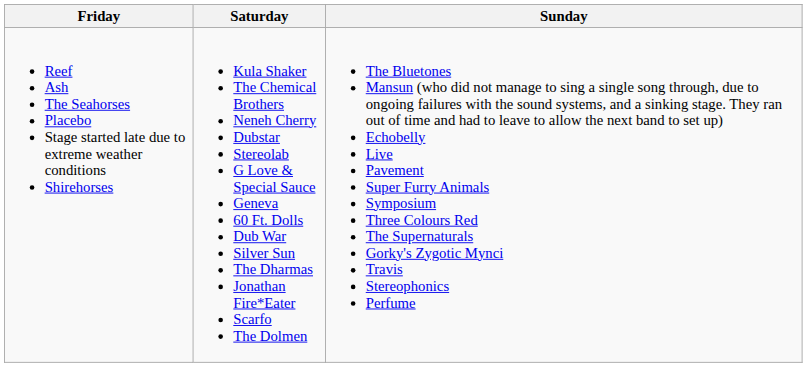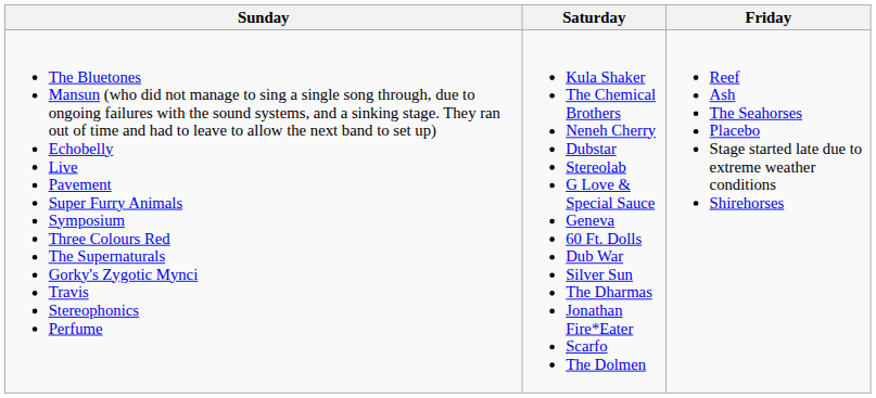 <table class="wikitable">
 <tr>
+<th>Sunday</th>
+<th>Saturday</th>
 <th>Friday</th>
-<th>Saturday</th>
-<th>Sunday</th>
 </tr>
 <tr valign="top">
+<td><br><ul><li><a href='#'>The Bluetones</a></li><li><a href='#'>Mansun</a> (who did not manage to sing a single song through, due to ongoing failures with the sound systems, and a sinking stage. They ran out of time and had to leave to allow the next band to set up)</li><li><a href='#'>Echobelly</a></li><li><a href='#'>Live</a></li><li><a href='#'>Pavement</a></li><li><a href='#'>Super Furry Animals</a></li><li><a href='#'>Symposium</a></li><li><a href='#'>Three Colours Red</a></li><li><a href='#'>The Supernaturals</a></li><li><a href='#'>Gorky's Zygotic Mynci</a></li><li><a href='#'>Travis</a></li><li><a href='#'>Stereophonics</a></li><li><a href='#'>Perfume</a></li></ul></td>
+<td><br><ul><li><a href='#'>Kula Shaker</a></li><li><a href='#'>The Chemical Brothers</a></li><li><a href='#'>Neneh Cherry</a></li><li><a href='#'>Dubstar</a></li><li><a href='#'>Stereolab</a></li><li><a href='#'>G Love & Special Sauce</a></li><li><a href='#'>Geneva</a></li><li><a href='#'>60 Ft. Dolls</a></li><li><a href='#'>Dub War</a></li><li><a href='#'>Silver Sun</a></li><li><a href='#'>The Dharmas</a></li><li><a href='#'>Jonathan Fire*Eater</a></li><li><a href='#'>Scarfo</a></li><li><a href='#'>The Dolmen</a></li></ul></td>
 <td><br><ul><li><a href='#'>Reef</a></li><li><a href='#'>Ash</a></li><li><a href='#'>The Seahorses</a></li><li><a href='#'>Placebo</a></li><li>Stage started late due to extreme weather conditions</li><li><a href='#'>Shirehorses</a></li></ul></td>
-<td><br><ul><li><a href='#'>Kula Shaker</a></li><li><a href='#'>The Chemical Brothers</a></li><li><a href='#'>Neneh Cherry</a></li><li><a href='#'>Dubstar</a></li><li><a href='#'>Stereolab</a></li><li><a href='#'>G Love & Special Sauce</a></li><li><a href='#'>Geneva</a></li><li><a href='#'>60 Ft. Dolls</a></li><li><a href='#'>Dub War</a></li><li><a href='#'>Silver Sun</a></li><li><a href='#'>The Dharmas</a></li><li><a href='#'>Jonathan Fire*Eater</a></li><li><a href='#'>Scarfo</a></li><li><a href='#'>The Dolmen</a></li></ul></td>
-<td><br><ul><li><a href='#'>The Bluetones</a></li><li><a href='#'>Mansun</a> (who did not manage to sing a single song through, due to ongoing failures with the sound systems, and a sinking stage. They ran out of time and had to leave to allow the next band to set up)</li><li><a href='#'>Echobelly</a></li><li><a href='#'>Live</a></li><li><a href='#'>Pavement</a></li><li><a href='#'>Super Furry Animals</a></li><li><a href='#'>Symposium</a></li><li><a href='#'>Three Colours Red</a></li><li><a href='#'>The Supernaturals</a></li><li><a href='#'>Gorky's Zygotic Mynci</a></li><li><a href='#'>Travis</a></li><li><a href='#'>Stereophonics</a></li><li><a href='#'>Perfume</a></li></ul></td>
 </tr>
 </table>
